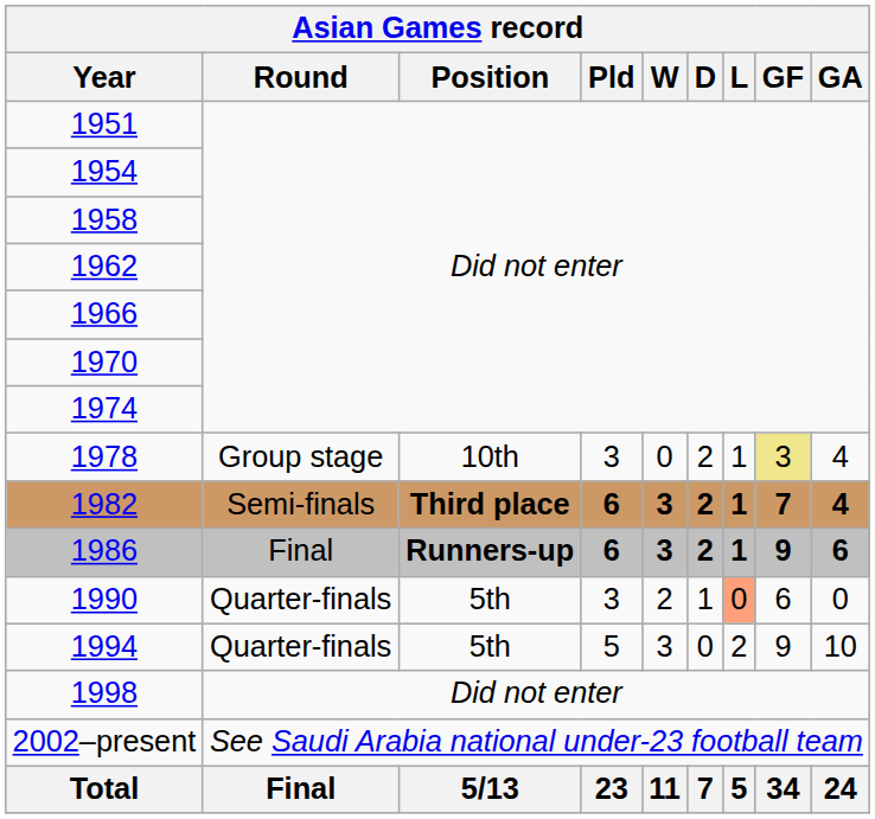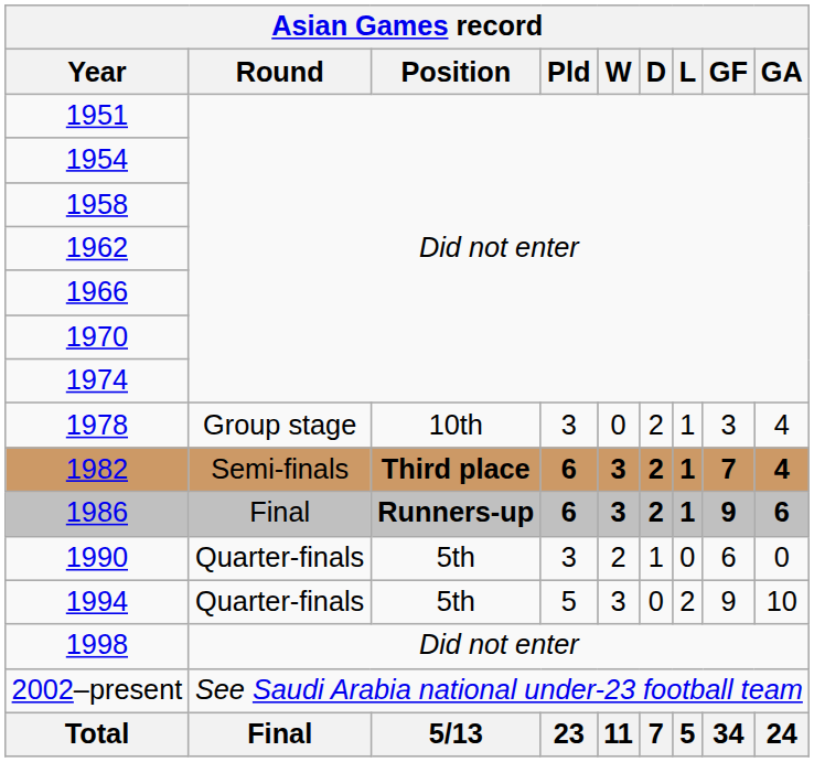 <table class="wikitable" style="text-align: center;">
 <tr>
 <th colspan=10><a href='#'>Asian Games</a> record</th>
 </tr>
 <tr>
 <th>Year</th>
 <th>Round</th>
 <th>Position</th>
 <th>Pld</th>
 <th>W</th>
 <th>D</th>
 <th>L</th>
 <th>GF</th>
 <th>GA</th>
 </tr>
 <tr>
 <td> <a href='#'>1951</a></td>
 <td colspan=8 rowspan=7><em>Did not enter</em></td>
 </tr>
 <tr>
 <td> <a href='#'>1954</a></td>
 </tr>
 <tr>
 <td> <a href='#'>1958</a></td>
 </tr>
 <tr>
 <td> <a href='#'>1962</a></td>
 </tr>
 <tr>
 <td> <a href='#'>1966</a></td>
 </tr>
 <tr>
 <td> <a href='#'>1970</a></td>
 </tr>
 <tr>
 <td> <a href='#'>1974</a></td>
 </tr>
 <tr>
 <td> <a href='#'>1978</a></td>
 <td>Group stage</td>
 <td>10th</td>
 <td>3</td>
 <td>0</td>
 <td>2</td>
 <td>1</td>
-<td style="background: khaki;">3</td>
+<td>3</td>
 <td>4</td>
 </tr>
 <tr style="background:#c96;">
 <td> <a href='#'>1982</a></td>
 <td>Semi-finals</td>
 <td><strong>Third place</strong></td>
 <td><strong>6</strong></td>
 <td><strong>3</strong></td>
 <td><strong>2</strong></td>
 <td><strong>1</strong></td>
 <td><strong>7</strong></td>
 <td><strong>4</strong></td>
 </tr>
 <tr style="background:Silver;">
 <td> <a href='#'>1986</a></td>
 <td>Final</td>
 <td><strong>Runners-up</strong></td>
 <td><strong>6</strong></td>
 <td><strong>3</strong></td>
 <td><strong>2</strong></td>
 <td><strong>1</strong></td>
 <td><strong>9</strong></td>
 <td><strong>6</strong></td>
 </tr>
 <tr>
 <td> <a href='#'>1990</a></td>
 <td>Quarter-finals</td>
 <td>5th</td>
 <td>3</td>
 <td>2</td>
 <td>1</td>
-<td style="background: lightsalmon;">0</td>
+<td>0</td>
 <td>6</td>
 <td>0</td>
 </tr>
 <tr>
 <td> <a href='#'>1994</a></td>
 <td>Quarter-finals</td>
 <td>5th</td>
 <td>5</td>
 <td>3</td>
 <td>0</td>
 <td>2</td>
 <td>9</td>
 <td>10</td>
 </tr>
 <tr>
 <td> <a href='#'>1998</a></td>
 <td colspan=8><em>Did not enter</em></td>
 </tr>
 <tr>
 <td><a href='#'>2002</a>–present</td>
 <td colspan=9><em>See <a href='#'>Saudi Arabia national under-23 football team</a></em></td>
 </tr>
 <tr>
 <th>Total</th>
 <th>Final</th>
 <th>5/13</th>
 <th>23</th>
 <th>11</th>
 <th>7</th>
 <th>5</th>
 <th>34</th>
 <th>24</th>
 </tr>
 </table>
